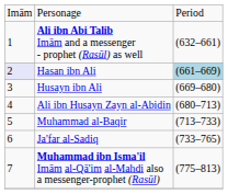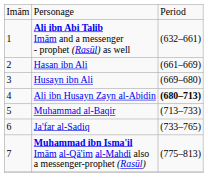 <table class="wikitable">
 <tr>
 <td>Imām</td>
 <td>Personage</td>
 <td>Period</td>
 </tr>
 <tr>
 <td>1</td>
 <td><strong><a href='#'>Ali ibn Abi Talib</a></strong><br><a href='#'>Imām</a> and a messenger<br>- prophet <em>(<a href='#'>Rasūl</a>)</em> as well</td>
 <td>(632–661)</td>
 </tr>
 <tr>
-<td style="background: lavender;">2</td>
+<td>2</td>
 <td><a href='#'>Hasan ibn Ali</a></td>
-<td style="background: lightblue;">(661–669)</td>
+<td>(661–669)</td>
 </tr>
 <tr>
 <td>3</td>
 <td><a href='#'>Husayn ibn Ali</a></td>
 <td>(669–680)</td>
 </tr>
 <tr>
 <td>4</td>
 <td><a href='#'>Ali ibn Husayn Zayn al-Abidin</a></td>
-<td>(680–713)</td>
+<td><strong>(680–713)</strong></td>
 </tr>
 <tr>
 <td>5</td>
 <td><a href='#'>Muhammad al-Baqir</a></td>
 <td>(713–733)</td>
 </tr>
 <tr>
 <td>6</td>
 <td><a href='#'>Ja'far al-Sadiq</a></td>
 <td>(733–765)</td>
 </tr>
 <tr>
 <td>7</td>
 <td><strong><a href='#'>Muhammad ibn Isma'il</a></strong><br><a href='#'>Imām</a> <a href='#'>al-Qā'im</a> <a href='#'>al-Mahdi</a> also<br>a messenger-prophet <em>(<a href='#'>Rasūl</a>)</em></td>
 <td>(775–813)</td>
 </tr>
 <tr>
 </tr>
 </table>
